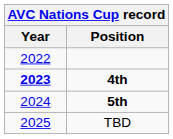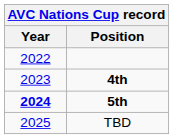 <table class="wikitable" style="text-align: center;">
 <tr>
 <th colspan=6><a href='#'>AVC Nations Cup</a> record</th>
 </tr>
 <tr>
 <th>Year</th>
 <th>Position</th>
 </tr>
 <tr>
 <td> <a href='#'>2022</a></td>
 <td><strong></strong></td>
 </tr>
 <tr>
-<td><strong> <a href='#'>2023</a></strong></td>
+<td> <a href='#'>2023</a></td>
 <td><strong>4th</strong></td>
 </tr>
 <tr>
-<td> <a href='#'>2024</a></td>
+<td><strong> <a href='#'>2024</a></strong></td>
 <td><strong>5th</strong></td>
 </tr>
 <tr>
 <td> <a href='#'>2025</a></td>
 <td>TBD</td>
 </tr>
 </table>
